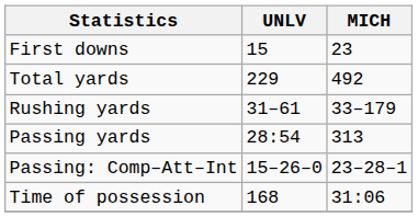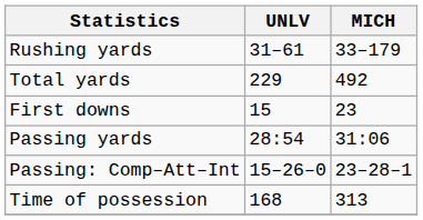 <table class="wikitable" style="float: left;">
 <tr>
 <th>Statistics</th>
 <th>UNLV</th>
 <th>MICH</th>
 </tr>
 <tr>
-<td>First downs</td>
-<td>15</td>
-<td>23</td>
+<td>Rushing yards</td>
+<td>31–61</td>
+<td>33–179</td>
 </tr>
 <tr>
 <td>Total yards</td>
 <td>229</td>
 <td>492</td>
 </tr>
 <tr>
-<td>Rushing yards</td>
-<td>31–61</td>
-<td>33–179</td>
+<td>First downs</td>
+<td>15</td>
+<td>23</td>
 </tr>
 <tr>
 <td>Passing yards</td>
 <td>28:54</td>
-<td>313</td>
+<td>31:06</td>
 </tr>
 <tr>
 <td>Passing: Comp–Att–Int</td>
 <td>15–26–0</td>
 <td>23–28–1</td>
 </tr>
 <tr>
 <td>Time of possession</td>
 <td>168</td>
-<td>31:06</td>
+<td>313</td>
 </tr>
 <tr>
 </tr>
 </table>
